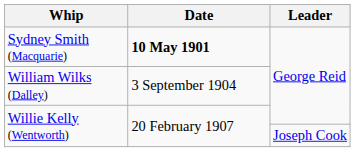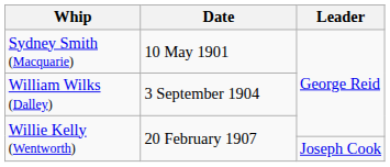 <table class=wikitable>
 <tr>
 <th width=130px>Whip</th>
 <th width=150px>Date</th>
 <th>Leader</th>
 </tr>
 <tr>
 <td><a href='#'>Sydney Smith</a><br><small>(<a href='#'>Macquarie</a>)</small></td>
-<td><strong>10 May 1901</strong></td>
+<td>10 May 1901</td>
 <td rowspan=3 height=100px><a href='#'>George Reid</a></td>
 </tr>
 <tr>
 <td><a href='#'>William Wilks</a><br><small>(<a href='#'>Dalley</a>)</small></td>
 <td>3 September 1904</td>
 </tr>
 <tr>
 <td rowspan=2><a href='#'>Willie Kelly</a><br><small>(<a href='#'>Wentworth</a>)</small></td>
 <td rowspan=2>20 February 1907</td>
 </tr>
 <tr>
 <td><a href='#'>Joseph Cook</a></td>
 </tr>
 </table>
